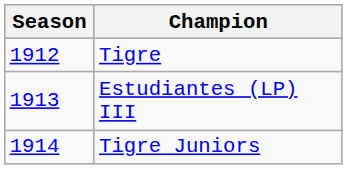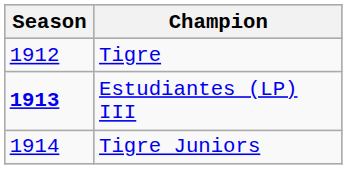 <table class="wikitable sortable">
 <tr>
 <th width=50px>Season</th>
 <th width=150px>Champion</th>
 </tr>
 <tr>
 <td><a href='#'>1912</a></td>
 <td><a href='#'>Tigre</a></td>
 </tr>
 <tr>
-<td><a href='#'>1913</a></td>
+<td><strong><a href='#'>1913</a></strong></td>
 <td><a href='#'>Estudiantes (LP) III</a> </td>
 </tr>
 <tr>
 <td><a href='#'>1914</a></td>
 <td><a href='#'>Tigre Juniors</a>  </td>
 </tr>
 </table>
